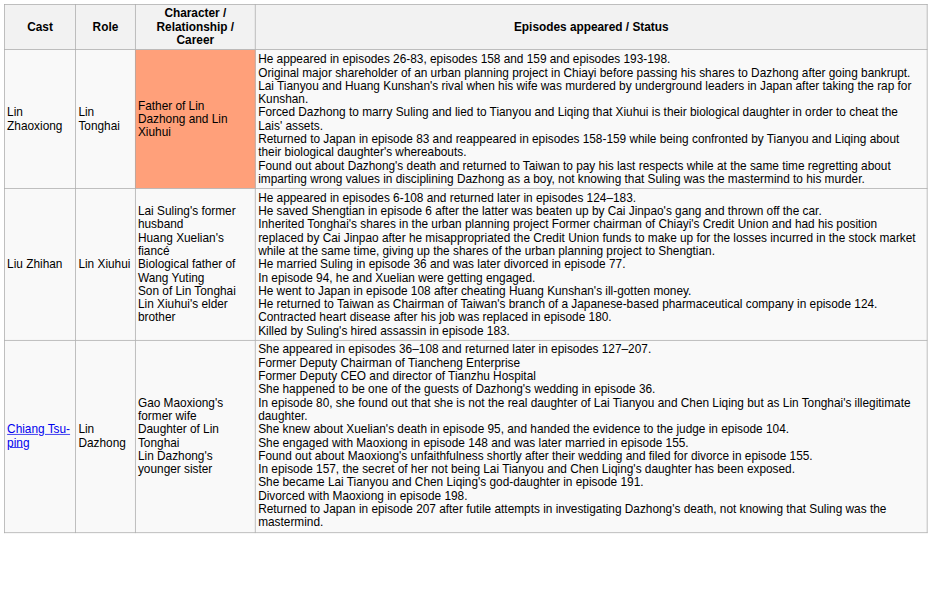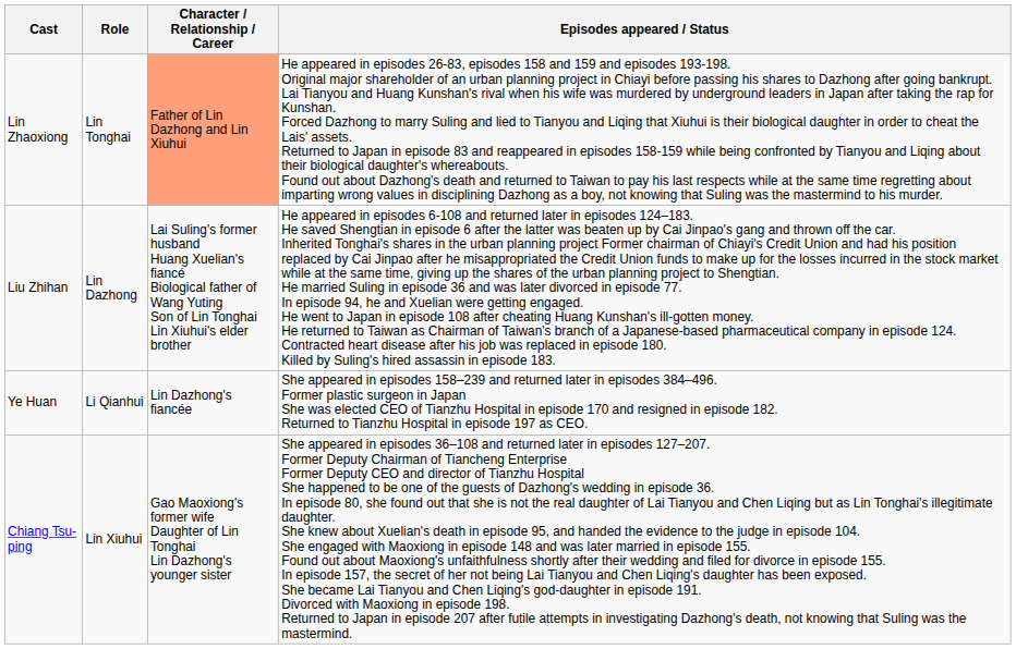 <table class="wikitable">
 <tr>
 <th>Cast</th>
 <th>Role</th>
 <th>Character / Relationship / Career</th>
 <th>Episodes appeared / Status</th>
 </tr>
 <tr>
 <td>Lin Zhaoxiong</td>
 <td>Lin Tonghai</td>
 <td style="background: lightsalmon;">Father of Lin Dazhong and Lin Xiuhui</td>
 <td>He appeared in episodes 26-83, episodes 158 and 159 and episodes 193-198.<br>Original major shareholder of an urban planning project in Chiayi before passing his shares to Dazhong after going bankrupt.<br>Lai Tianyou and Huang Kunshan's rival when his wife was murdered by underground leaders in Japan after taking the rap for Kunshan.<br>Forced Dazhong to marry Suling and lied to Tianyou and Liqing that Xiuhui is their biological daughter in order to cheat the Lais' assets.<br>Returned to Japan in episode 83 and reappeared in episodes 158-159 while being confronted by Tianyou and Liqing about their biological daughter's whereabouts.<br>Found out about Dazhong's death and returned to Taiwan to pay his last respects while at the same time regretting about imparting wrong values in disciplining Dazhong as a boy, not knowing that Suling was the mastermind to his murder.<br></td>
 </tr>
 <tr>
 <td>Liu Zhihan</td>
-<td>Lin Xiuhui</td>
+<td>Lin Dazhong</td>
 <td>Lai Suling's former husband <br> Huang Xuelian's fiancé <br> Biological father of Wang Yuting <br> Son of Lin Tonghai <br> Lin Xiuhui's elder brother</td>
 <td>He appeared in episodes 6-108 and returned later in episodes 124–183.<br>He saved Shengtian in episode 6 after the latter was beaten up by Cai Jinpao's gang and thrown off the car.<br>Inherited Tonghai's shares in the urban planning project  Former chairman of Chiayi's Credit Union and had his position replaced by Cai Jinpao after he misappropriated the Credit Union funds to make up for the losses incurred in the stock market while at the same time, giving up the shares of the urban planning project to Shengtian.<br>He married Suling in episode 36 and was later divorced in episode 77. <br>In episode 94, he and Xuelian were getting engaged.<br>He went to Japan in episode 108 after cheating Huang Kunshan's ill-gotten money.<br>He returned to Taiwan as Chairman of Taiwan's branch of a Japanese-based pharmaceutical company in episode 124.<br>Contracted heart disease after his job was replaced in episode 180.<br>Killed by Suling's hired assassin in episode 183.</td>
 </tr>
 <tr>
+<td>Ye Huan</td>
+<td>Li Qianhui</td>
+<td>Lin Dazhong's fiancée</td>
+<td>She appeared in episodes 158–239 and returned later in episodes 384–496.<br>Former plastic surgeon in Japan<br>She was elected CEO of Tianzhu Hospital in episode 170 and resigned in episode 182.<br>Returned to Tianzhu Hospital in episode 197 as CEO.</td>
+</tr>
+<tr>
 <td><a href='#'>Chiang Tsu-ping</a></td>
-<td>Lin Dazhong</td>
+<td>Lin Xiuhui</td>
 <td>Gao Maoxiong's former wife <br> Daughter of Lin Tonghai <br> Lin Dazhong's younger sister</td>
 <td>She appeared in episodes 36–108 and returned later in episodes 127–207.<br>Former Deputy Chairman of Tiancheng Enterprise<br>Former Deputy CEO and director of Tianzhu Hospital<br> She happened to be one of the guests of Dazhong's wedding in episode 36.<br>In episode 80, she found out that she is not the real daughter of Lai Tianyou and Chen Liqing but as Lin Tonghai's illegitimate daughter.<br>She knew about Xuelian's death in episode 95, and handed the evidence to the judge in episode 104. <br>She engaged with Maoxiong in episode 148 and was later married in episode 155.<br>Found out about Maoxiong's unfaithfulness shortly after their wedding and filed for divorce in episode 155.<br>In episode 157, the secret of her not being Lai Tianyou and Chen Liqing's daughter has been exposed.<br>She became Lai Tianyou and Chen Liqing's god-daughter in episode 191.<br>Divorced with Maoxiong in episode 198.<br>Returned to Japan in episode 207 after futile attempts in investigating Dazhong's death, not knowing that Suling was the mastermind.</td>
 </tr>
 </table>
